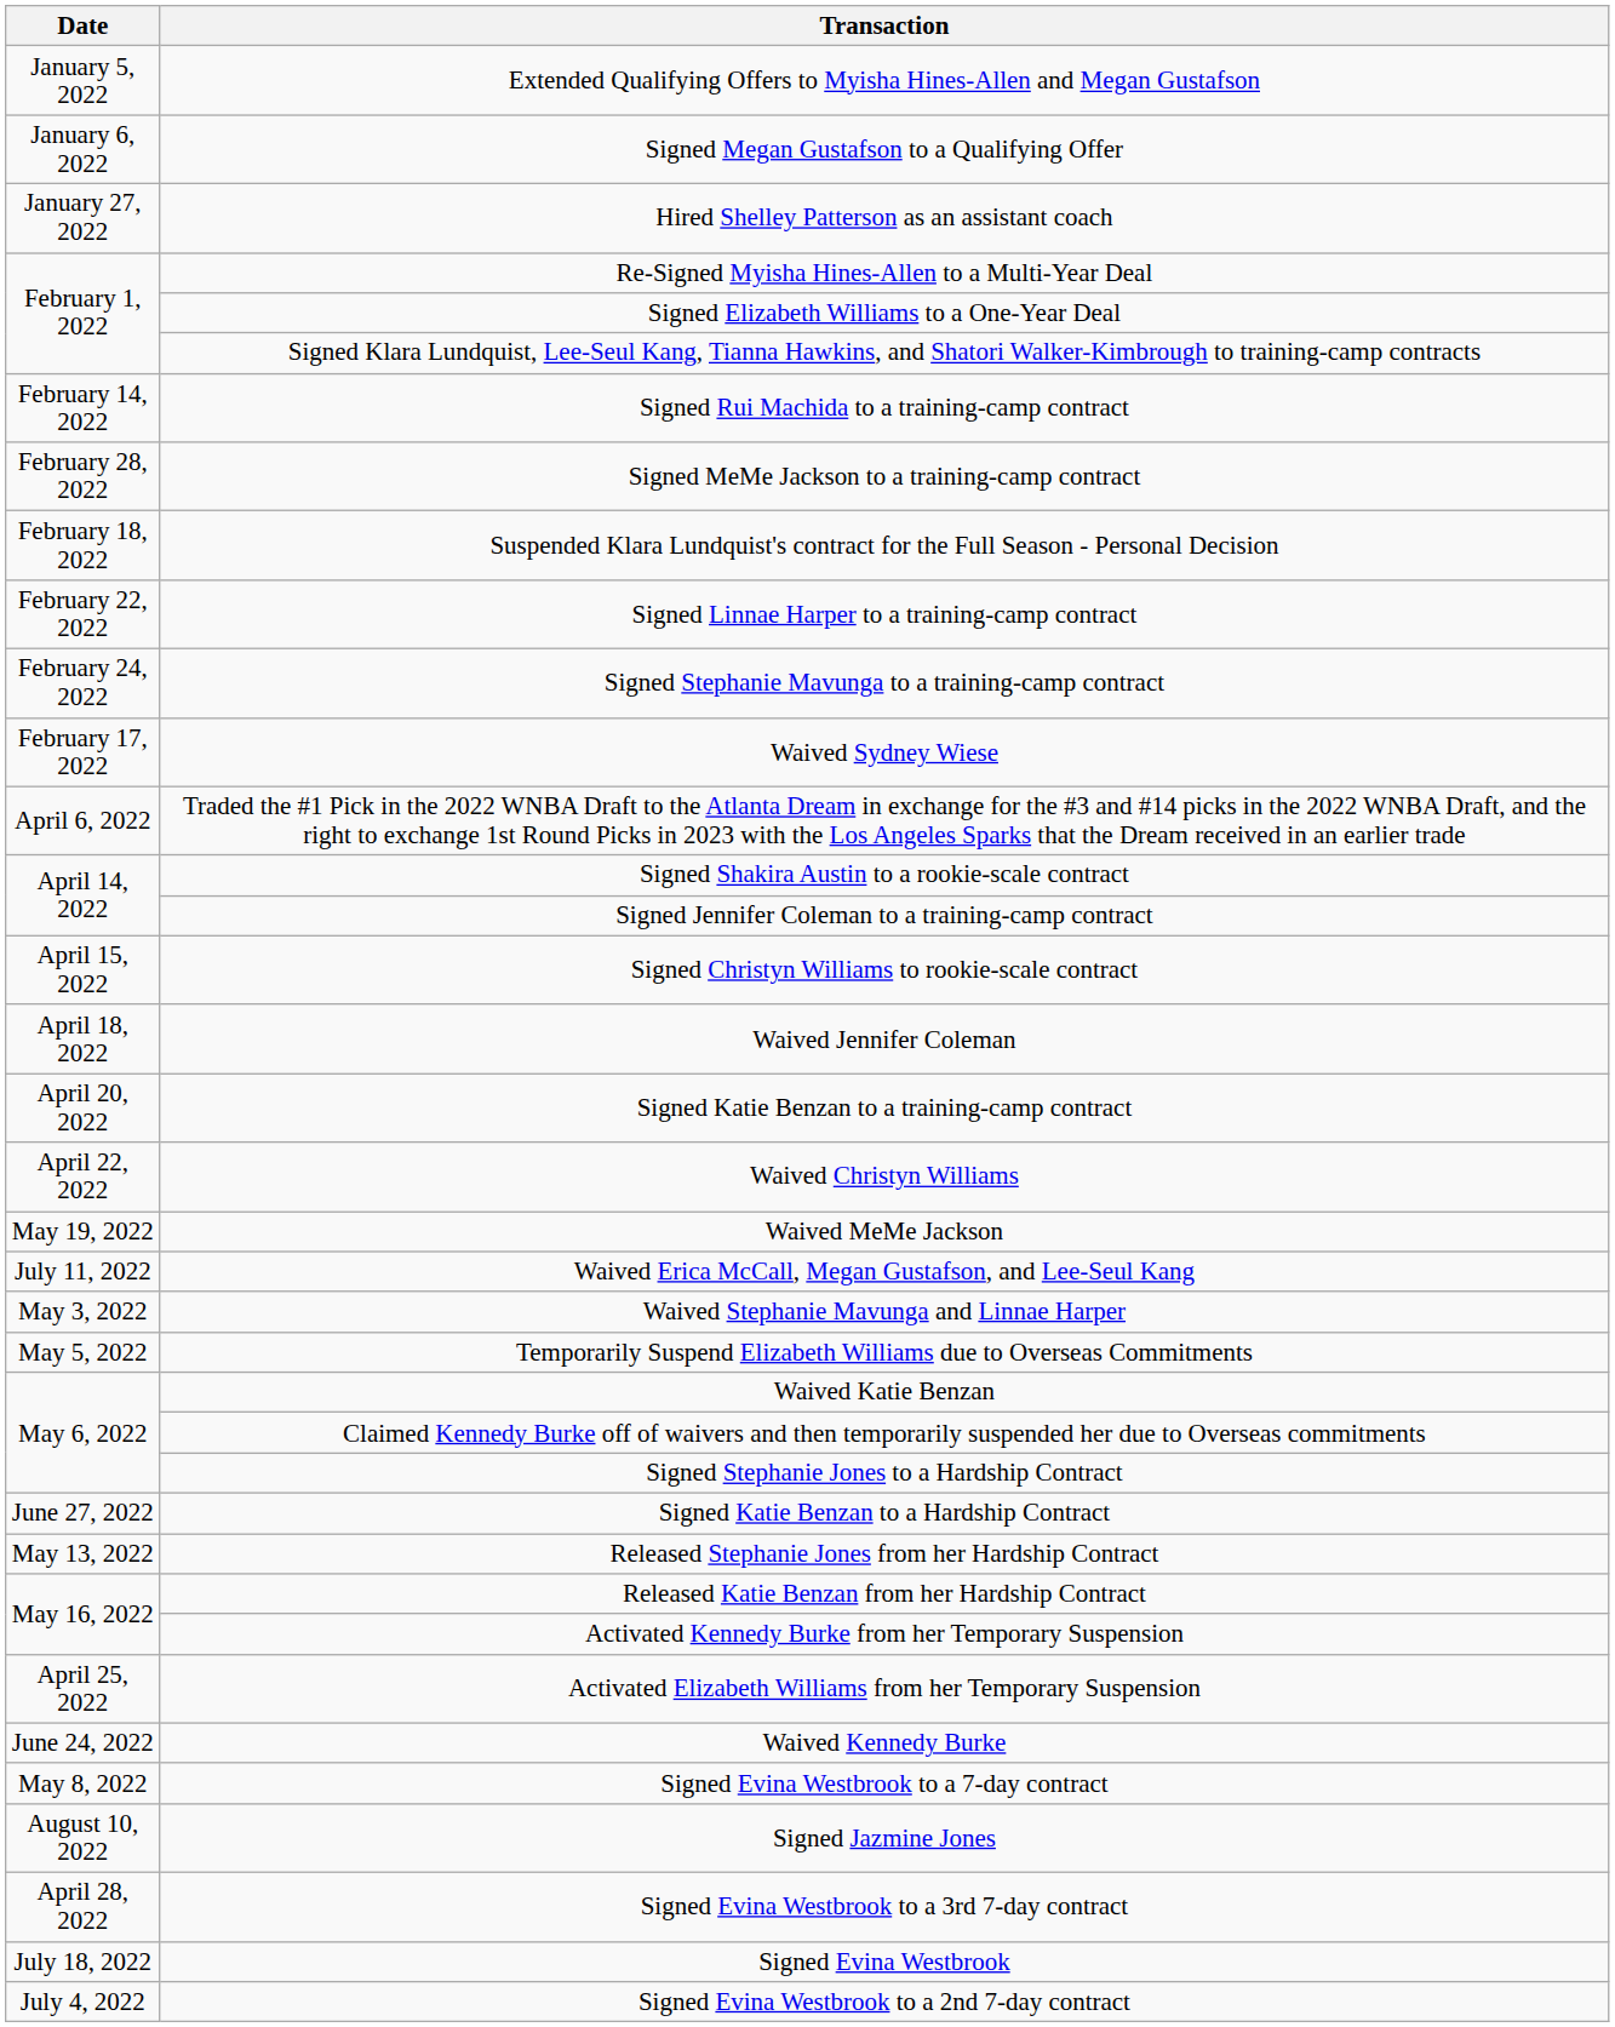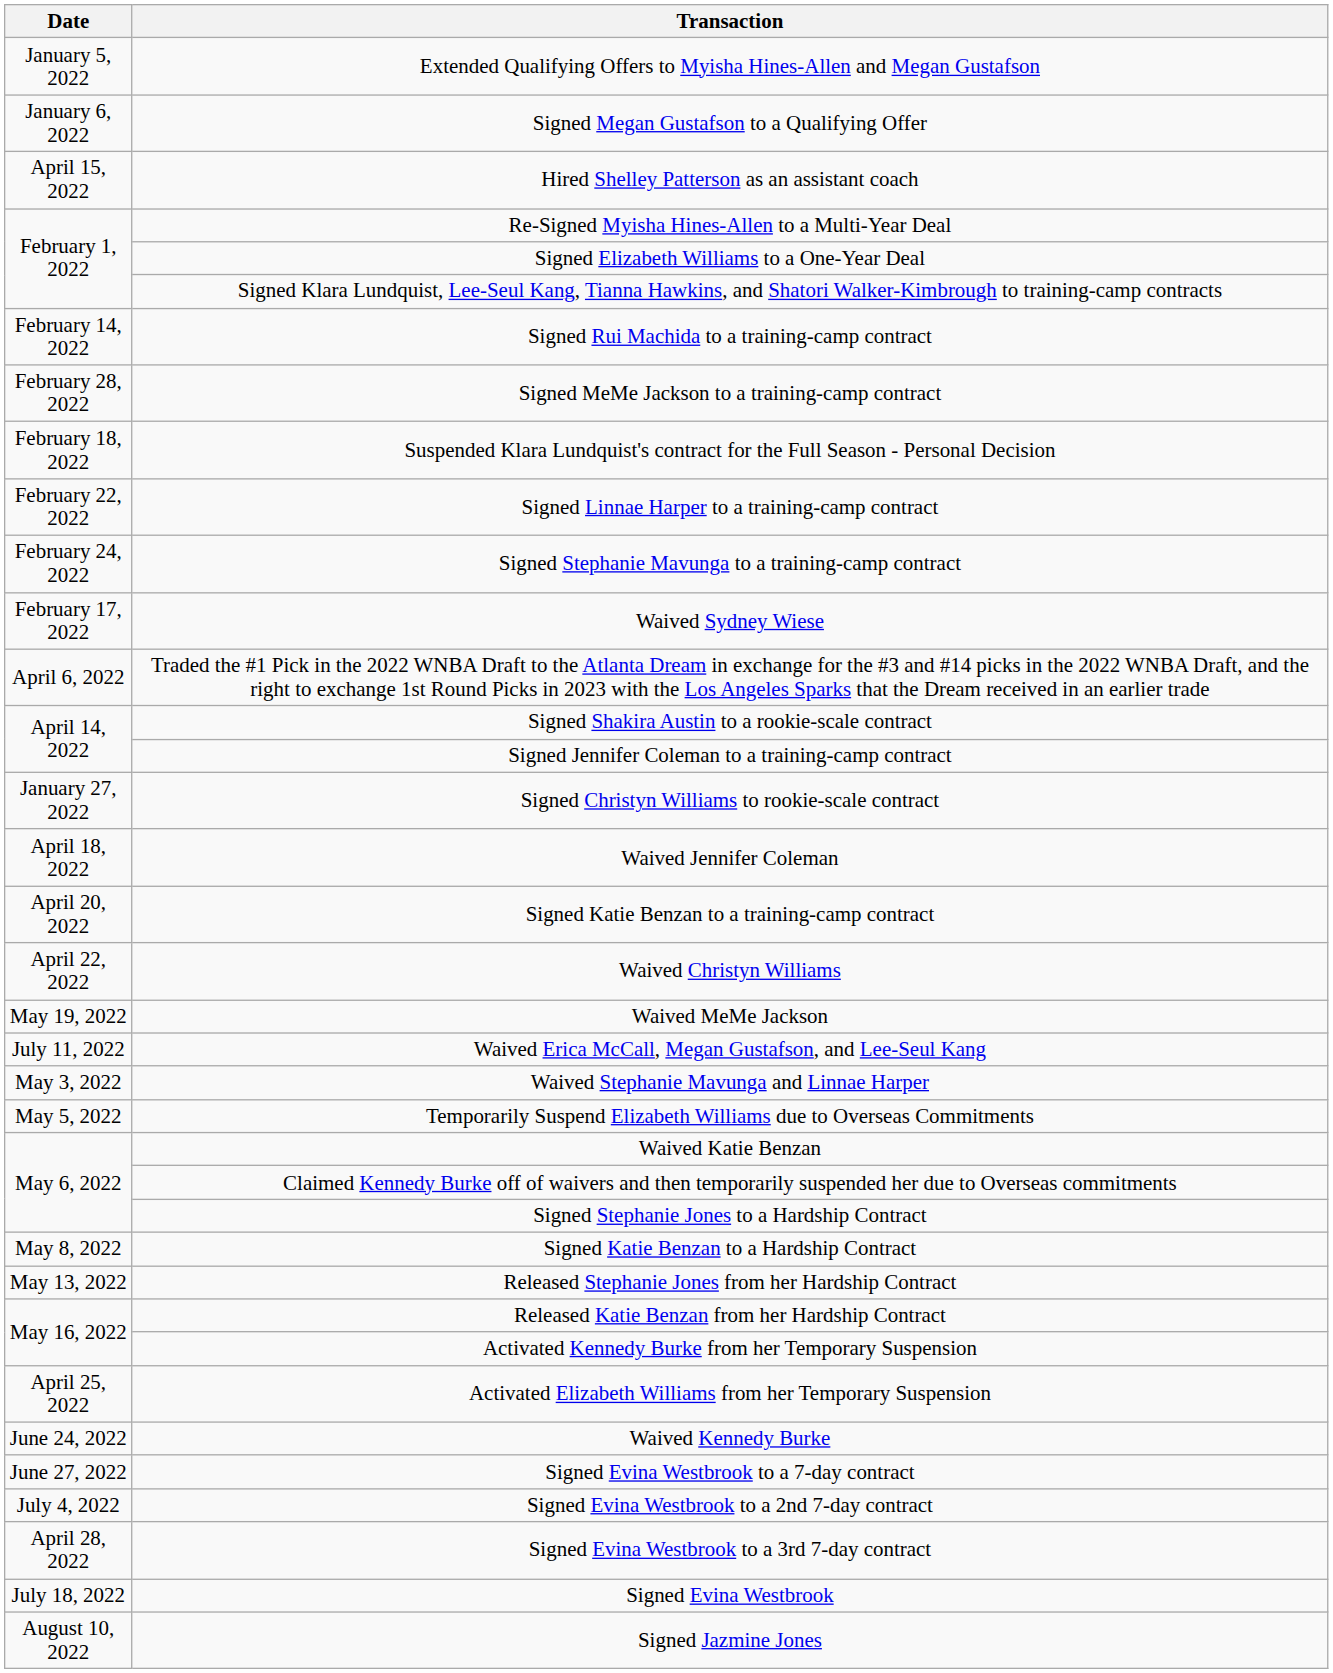 <table class="wikitable" style="width:80%; text-align: center">
 <tr>
 <th>Date</th>
 <th>Transaction</th>
 </tr>
 <tr>
 <td>January 5, 2022</td>
 <td>Extended Qualifying Offers to <a href='#'>Myisha Hines-Allen</a> and <a href='#'>Megan Gustafson</a></td>
 </tr>
 <tr>
 <td>January 6, 2022</td>
 <td>Signed <a href='#'>Megan Gustafson</a> to a Qualifying Offer </td>
 </tr>
 <tr>
-<td>January 27, 2022</td>
+<td>April 15, 2022</td>
 <td>Hired <a href='#'>Shelley Patterson</a> as an assistant coach </td>
 </tr>
 <tr>
 <td rowspan=3>February 1, 2022</td>
 <td>Re-Signed <a href='#'>Myisha Hines-Allen</a> to a Multi-Year Deal</td>
 </tr>
 <tr>
 <td>Signed <a href='#'>Elizabeth Williams</a> to a One-Year Deal</td>
 </tr>
 <tr>
 <td>Signed Klara Lundquist, <a href='#'>Lee-Seul Kang</a>, <a href='#'>Tianna Hawkins</a>, and <a href='#'>Shatori Walker-Kimbrough</a> to training-camp contracts</td>
 </tr>
 <tr>
 <td>February 14, 2022</td>
 <td>Signed <a href='#'>Rui Machida</a> to a training-camp contract</td>
 </tr>
 <tr>
 <td>February 28, 2022</td>
 <td>Signed MeMe Jackson to a training-camp contract</td>
 </tr>
 <tr>
 <td>February 18, 2022</td>
 <td>Suspended Klara Lundquist's contract for the Full Season - Personal Decision</td>
 </tr>
 <tr>
 <td>February 22, 2022</td>
 <td>Signed <a href='#'>Linnae Harper</a> to a training-camp contract</td>
 </tr>
 <tr>
 <td>February 24, 2022</td>
 <td>Signed <a href='#'>Stephanie Mavunga</a> to a training-camp contract</td>
 </tr>
 <tr>
 <td>February 17, 2022</td>
 <td>Waived <a href='#'>Sydney Wiese</a></td>
 </tr>
 <tr>
 <td>April 6, 2022</td>
 <td>Traded the #1 Pick in the 2022 WNBA Draft to the <a href='#'>Atlanta Dream</a> in exchange for the #3 and #14 picks in the 2022 WNBA Draft, and the right to exchange 1st Round Picks in 2023 with the <a href='#'>Los Angeles Sparks</a> that the Dream received in an earlier trade</td>
 </tr>
 <tr>
 <td rowspan=2>April 14, 2022</td>
 <td>Signed <a href='#'>Shakira Austin</a> to a rookie-scale contract</td>
 </tr>
 <tr>
 <td>Signed Jennifer Coleman to a training-camp contract</td>
 </tr>
 <tr>
-<td>April 15, 2022</td>
+<td>January 27, 2022</td>
 <td>Signed <a href='#'>Christyn Williams</a> to rookie-scale contract</td>
 </tr>
 <tr>
 <td>April 18, 2022</td>
 <td>Waived Jennifer Coleman</td>
 </tr>
 <tr>
 <td>April 20, 2022</td>
 <td>Signed Katie Benzan to a training-camp contract</td>
 </tr>
 <tr>
 <td>April 22, 2022</td>
 <td>Waived <a href='#'>Christyn Williams</a></td>
 </tr>
 <tr>
 <td>May 19, 2022</td>
 <td>Waived MeMe Jackson</td>
 </tr>
 <tr>
 <td>July 11, 2022</td>
 <td>Waived <a href='#'>Erica McCall</a>, <a href='#'>Megan Gustafson</a>, and <a href='#'>Lee-Seul Kang</a></td>
 </tr>
 <tr>
 <td>May 3, 2022</td>
 <td>Waived <a href='#'>Stephanie Mavunga</a> and <a href='#'>Linnae Harper</a></td>
 </tr>
 <tr>
 <td>May 5, 2022</td>
 <td>Temporarily Suspend <a href='#'>Elizabeth Williams</a> due to Overseas Commitments</td>
 </tr>
 <tr>
 <td rowspan=3>May 6, 2022</td>
 <td>Waived Katie Benzan</td>
 </tr>
 <tr>
 <td>Claimed <a href='#'>Kennedy Burke</a> off of waivers and then temporarily suspended her due to Overseas commitments</td>
 </tr>
 <tr>
 <td>Signed <a href='#'>Stephanie Jones</a> to a Hardship Contract</td>
 </tr>
 <tr>
-<td>June 27, 2022</td>
+<td>May 8, 2022</td>
 <td>Signed <a href='#'>Katie Benzan</a> to a Hardship Contract</td>
 </tr>
 <tr>
 <td>May 13, 2022</td>
 <td>Released <a href='#'>Stephanie Jones</a> from her Hardship Contract</td>
 </tr>
 <tr>
 <td rowspan=2>May 16, 2022</td>
 <td>Released <a href='#'>Katie Benzan</a> from her Hardship Contract</td>
 </tr>
 <tr>
 <td>Activated <a href='#'>Kennedy Burke</a> from her Temporary Suspension</td>
 </tr>
 <tr>
 <td>April 25, 2022</td>
 <td>Activated <a href='#'>Elizabeth Williams</a> from her Temporary Suspension</td>
 </tr>
 <tr>
 <td>June 24, 2022</td>
 <td>Waived <a href='#'>Kennedy Burke</a></td>
 </tr>
 <tr>
-<td>May 8, 2022</td>
+<td>June 27, 2022</td>
 <td>Signed <a href='#'>Evina Westbrook</a> to a 7-day contract</td>
 </tr>
 <tr>
-<td>August 10, 2022</td>
-<td>Signed <a href='#'>Jazmine Jones</a></td>
+<td>July 4, 2022</td>
+<td>Signed <a href='#'>Evina Westbrook</a> to a 2nd 7-day contract</td>
 </tr>
 <tr>
 <td>April 28, 2022</td>
 <td>Signed <a href='#'>Evina Westbrook</a> to a 3rd 7-day contract</td>
 </tr>
 <tr>
 <td>July 18, 2022</td>
 <td>Signed <a href='#'>Evina Westbrook</a></td>
 </tr>
 <tr>
-<td>July 4, 2022</td>
-<td>Signed <a href='#'>Evina Westbrook</a> to a 2nd 7-day contract</td>
+<td>August 10, 2022</td>
+<td>Signed <a href='#'>Jazmine Jones</a></td>
 </tr>
 </table>
